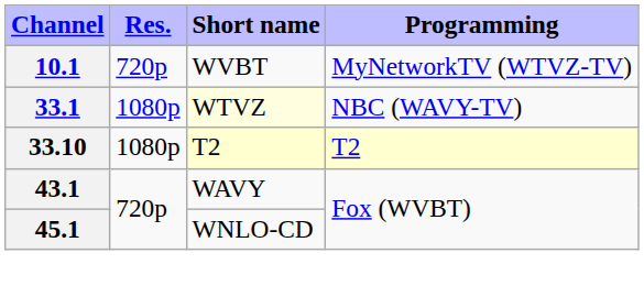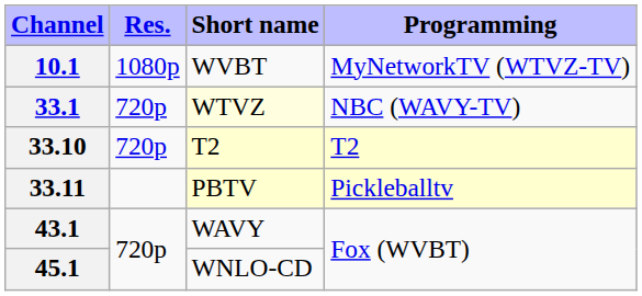 <table class="wikitable">
 <tr>
 <th style="background-color: #bdbdff" scope="col"><a href='#'>Channel</a></th>
 <th style="background-color: #bdbdff" scope="col"><a href='#'>Res.</a></th>
 <th style="background-color: #bdbdff" scope="col">Short name</th>
 <th style="background-color: #bdbdff" scope="col">Programming</th>
 </tr>
 <tr>
 <th scope="row"><a href='#'>10.1</a></th>
-<td><a href='#'>720p</a></td>
+<td><a href='#'>1080p</a></td>
 <td>WVBT</td>
 <td><a href='#'>MyNetworkTV</a> (<a href='#'>WTVZ-TV</a>)</td>
 </tr>
 <tr>
 <th scope="row"><a href='#'>33.1</a></th>
-<td><a href='#'>1080p</a></td>
+<td><a href='#'>720p</a></td>
 <td style="background: lightyellow;">WTVZ</td>
 <td><a href='#'>NBC</a> (<a href='#'>WAVY-TV</a>)</td>
 </tr>
 <tr>
 <th scope = "row">33.10</th>
-<td>1080p</td>
+<td><a href='#'>720p</a></td>
 <td style="background-color:#ffffd0">T2</td>
 <td style="background-color:#ffffd0"><a href='#'>T2</a></td>
+</tr>
+<tr>
+<th scope = "row">33.11</th>
+<td></td>
+<td style="background-color:#ffffd0">PBTV</td>
+<td style="background-color:#ffffd0"><a href='#'>Pickleballtv</a></td>
 </tr>
 <tr>
 <th scope="row">43.1</th>
 <td rowspan=2>720p</td>
 <td>WAVY</td>
 <td rowspan=2><a href='#'>Fox</a> (WVBT)</td>
 </tr>
 <tr>
 <th scope="row">45.1</th>
 <td>WNLO-CD</td>
 </tr>
 </table>
